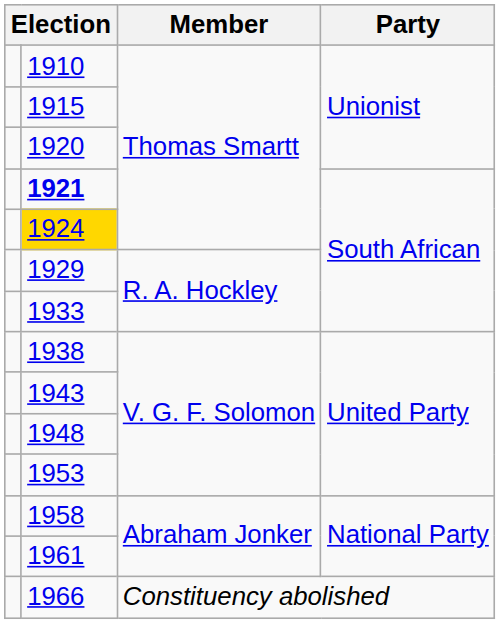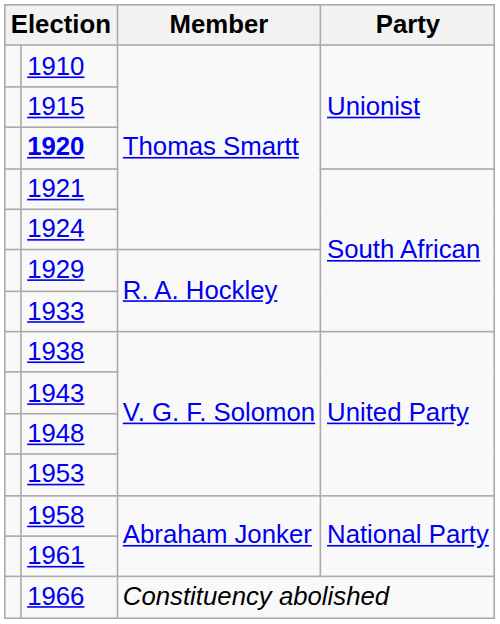 <table class="wikitable">
 <tr>
 <th colspan="2">Election</th>
 <th>Member</th>
 <th>Party</th>
 </tr>
 <tr>
 <td style="background-color: "></td>
 <td><a href='#'>1910</a></td>
 <td rowspan="5"><a href='#'>Thomas Smartt</a></td>
 <td rowspan="3"><a href='#'>Unionist</a></td>
 </tr>
 <tr>
 <td style="background-color: "></td>
 <td><a href='#'>1915</a></td>
 </tr>
 <tr>
 <td style="background-color: "></td>
-<td><a href='#'>1920</a></td>
+<td><strong><a href='#'>1920</a></strong></td>
 </tr>
 <tr>
 <td style="background-color: "></td>
-<td><strong><a href='#'>1921</a></strong></td>
+<td><a href='#'>1921</a></td>
 <td rowspan="4"><a href='#'>South African</a></td>
 </tr>
 <tr>
 <td style="background-color: "></td>
-<td style="background: gold;"><a href='#'>1924</a></td>
+<td><a href='#'>1924</a></td>
 </tr>
 <tr>
 <td style="background-color: "></td>
 <td><a href='#'>1929</a></td>
 <td rowspan="2"><a href='#'>R. A. Hockley</a></td>
 </tr>
 <tr>
 <td style="background-color: "></td>
 <td><a href='#'>1933</a></td>
 </tr>
 <tr>
 <td style="background-color: "></td>
 <td><a href='#'>1938</a></td>
 <td rowspan="4"><a href='#'>V. G. F. Solomon</a></td>
 <td rowspan="4"><a href='#'>United Party</a></td>
 </tr>
 <tr>
 <td style="background-color: "></td>
 <td><a href='#'>1943</a></td>
 </tr>
 <tr>
 <td style="background-color: "></td>
 <td><a href='#'>1948</a></td>
 </tr>
 <tr>
 <td style="background-color: "></td>
 <td><a href='#'>1953</a></td>
 </tr>
 <tr>
 <td style="background-color: "></td>
 <td><a href='#'>1958</a></td>
 <td rowspan="2"><a href='#'>Abraham Jonker</a></td>
 <td rowspan="2"><a href='#'>National Party</a></td>
 </tr>
 <tr>
 <td style="background-color: "></td>
 <td><a href='#'>1961</a></td>
 </tr>
 <tr>
 <td style="background-color: "></td>
 <td><a href='#'>1966</a></td>
 <td colspan="2"><em>Constituency abolished</em></td>
 </tr>
 </table>
